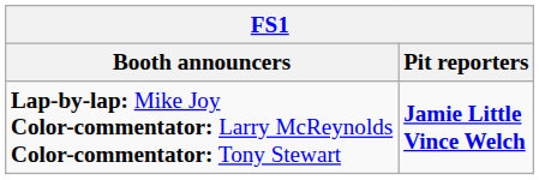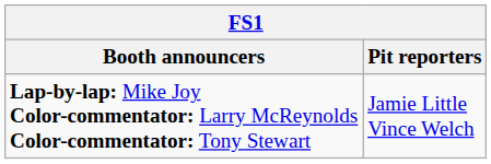 <table class="wikitable" style="font-size: 95%;">
 <tr>
 <th colspan="2"><a href='#'>FS1</a></th>
 </tr>
 <tr>
 <th>Booth announcers</th>
 <th>Pit reporters</th>
 </tr>
 <tr>
 <td><strong>Lap-by-lap:</strong> <a href='#'>Mike Joy</a><br><strong>Color-commentator:</strong> <a href='#'>Larry McReynolds</a><br><strong>Color-commentator:</strong> <a href='#'>Tony Stewart</a></td>
-<td><strong><a href='#'>Jamie Little</a><br><a href='#'>Vince Welch</a></strong></td>
+<td><a href='#'>Jamie Little</a><br><a href='#'>Vince Welch</a></td>
 </tr>
 </table>
